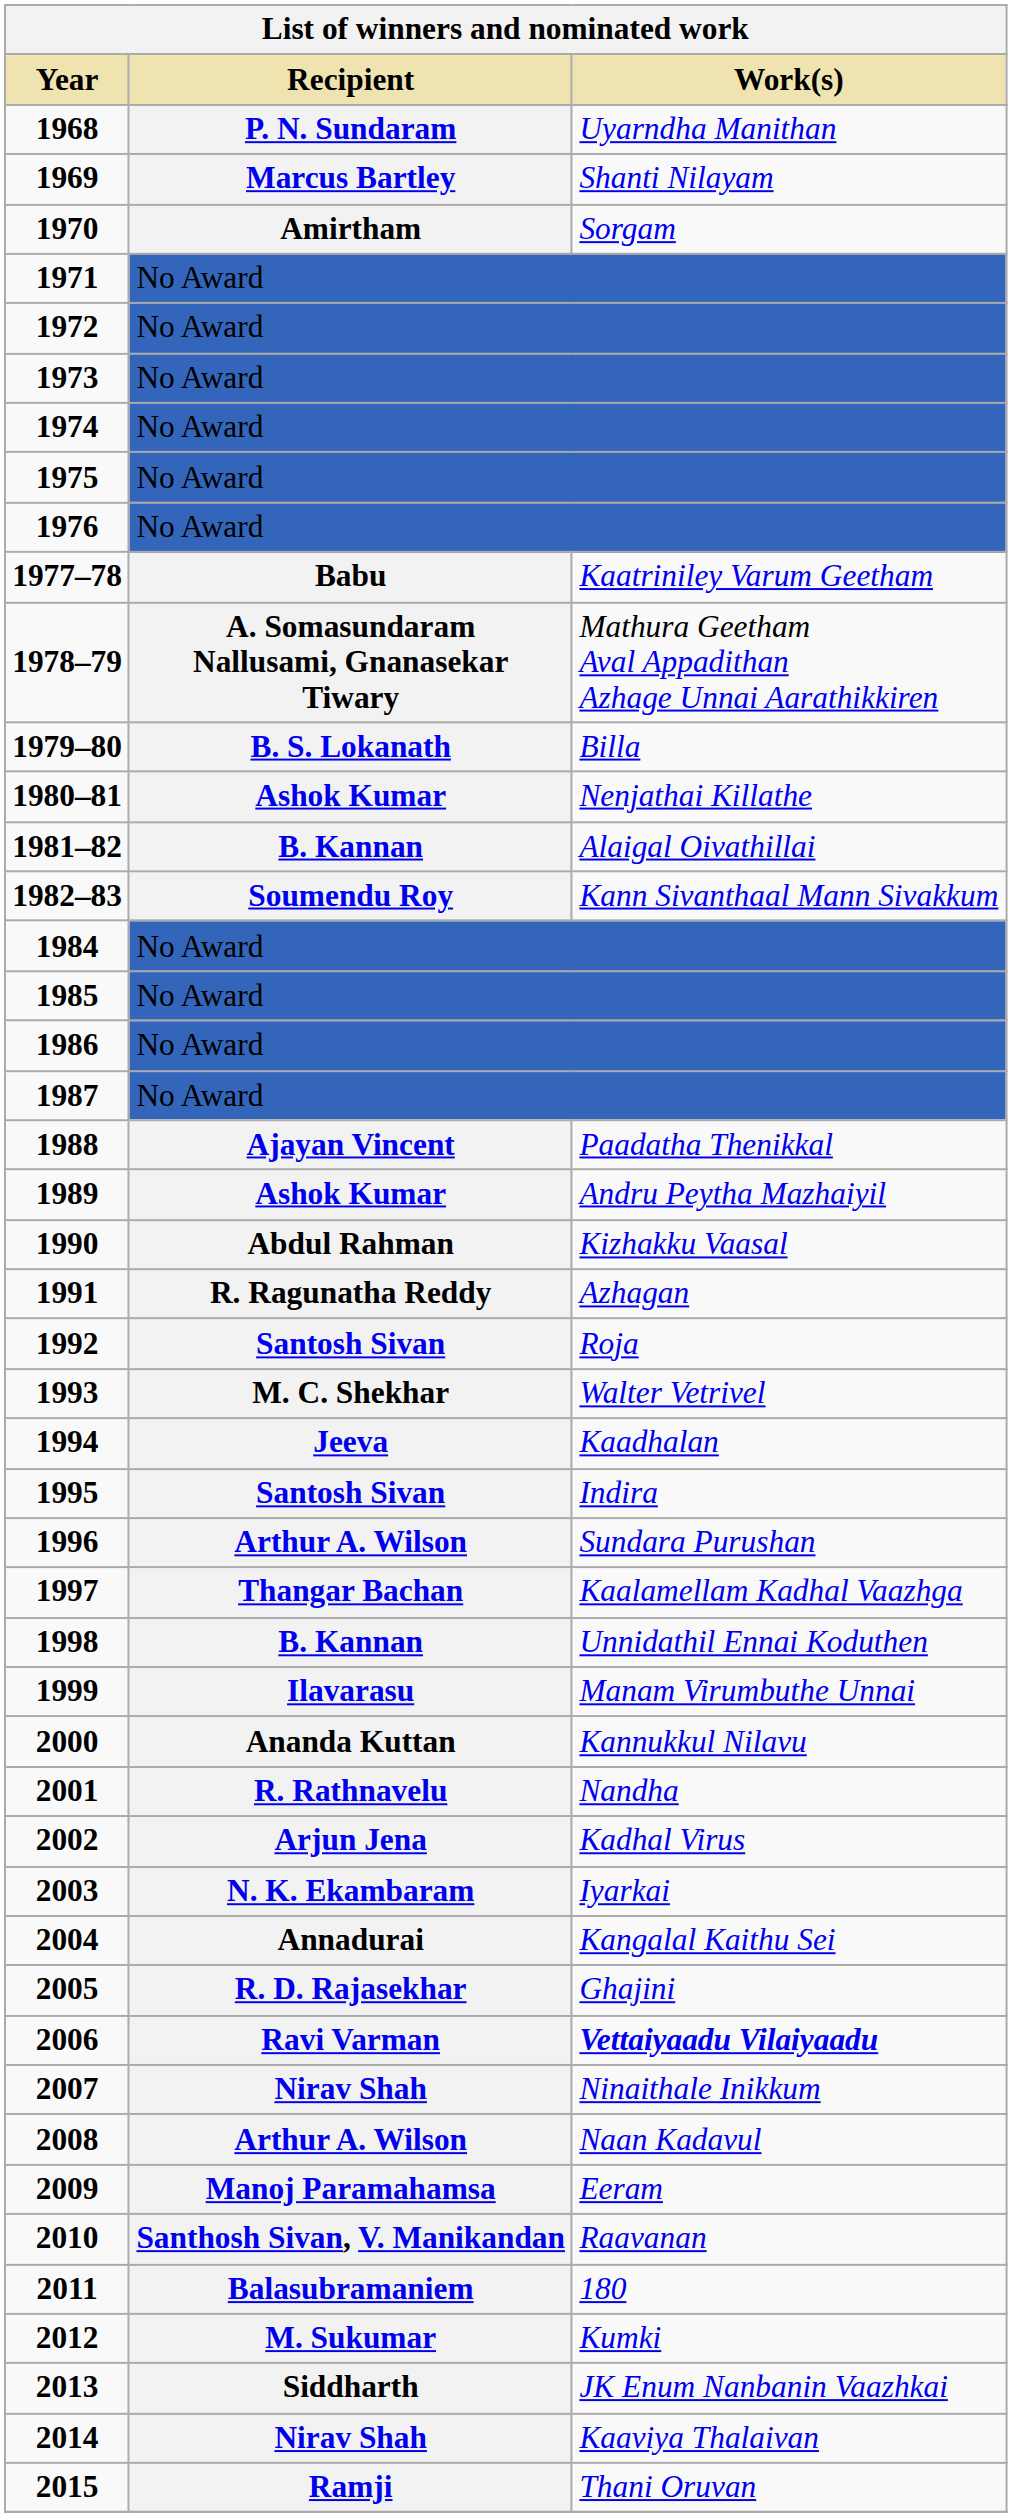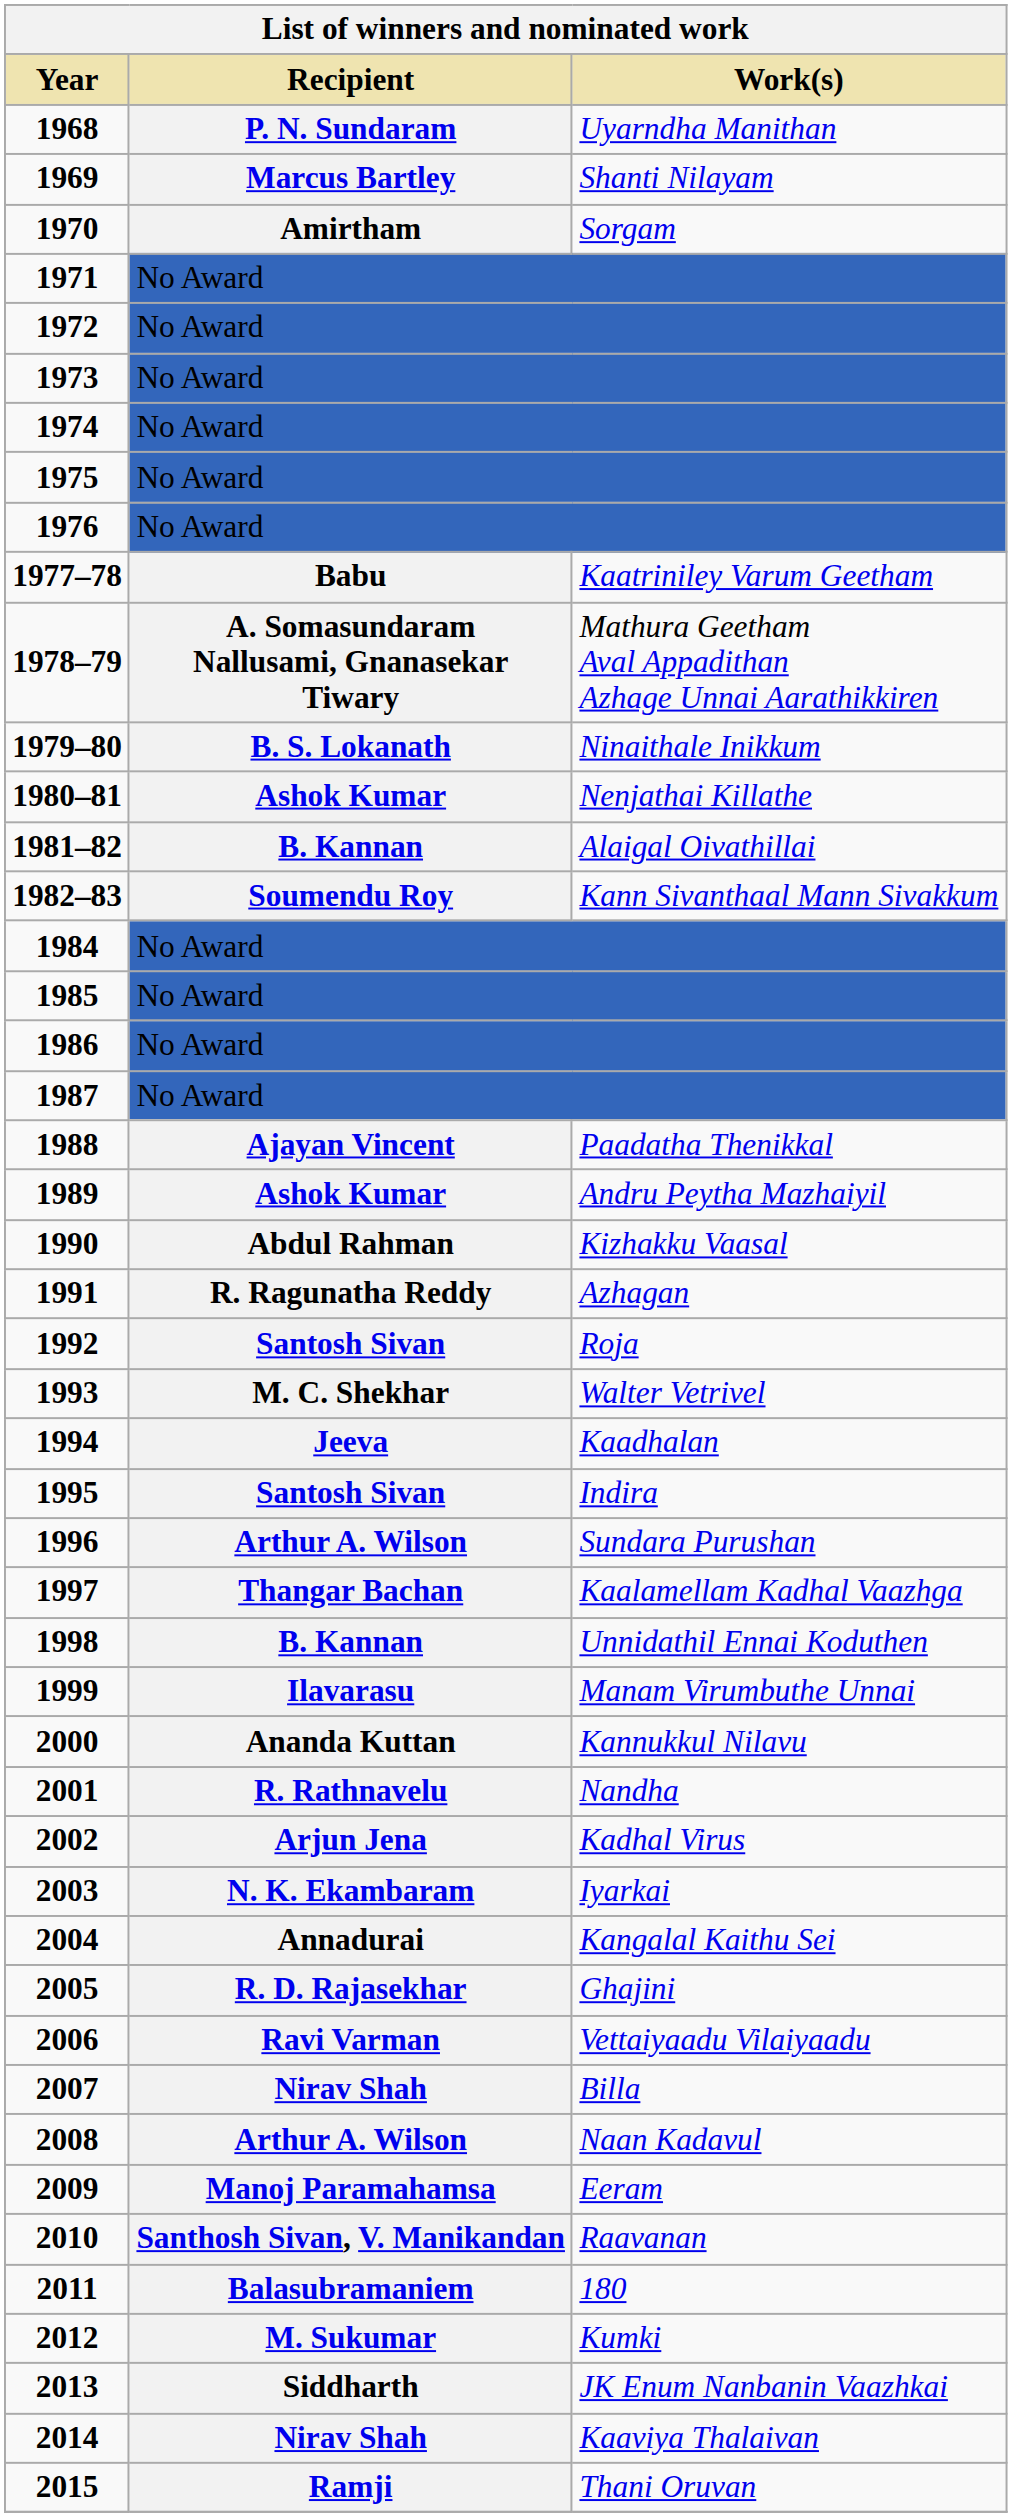 <table class="wikitable sortable plainrowheaders">
 <tr>
 <th colspan="5">List of winners and nominated work</th>
 </tr>
 <tr>
 <th scope="col" style="background:#efe4b0;">Year</th>
 <th scope="col" style="background:#efe4b0;">Recipient</th>
 <th scope="col" style="background:#efe4b0;">Work(s)</th>
 </tr>
 <tr>
 <td style="text-align:center;"><strong>1968</strong></td>
 <th scope="row"><a href='#'>P. N. Sundaram</a></th>
 <td><em><a href='#'>Uyarndha Manithan</a></em></td>
 </tr>
 <tr>
 <td style="text-align:center;"><strong>1969</strong></td>
 <th scope="row"><a href='#'>Marcus Bartley</a></th>
 <td><em><a href='#'>Shanti Nilayam</a></em></td>
 </tr>
 <tr>
 <td style="text-align:center;"><strong>1970</strong></td>
 <th scope="row">Amirtham</th>
 <td><em><a href='#'>Sorgam</a></em></td>
 </tr>
 <tr>
 <td style="text-align:center;"><strong>1971</strong></td>
 <td style="background:#36b; " colspan="2">No Award</td>
 </tr>
 <tr>
 <td style="text-align:center;"><strong>1972</strong></td>
 <td style="background:#36b; " colspan="2">No Award</td>
 </tr>
 <tr>
 <td style="text-align:center;"><strong>1973</strong></td>
 <td style="background:#36b; " colspan="2">No Award</td>
 </tr>
 <tr>
 <td style="text-align:center;"><strong>1974</strong></td>
 <td style="background:#36b; " colspan="2">No Award</td>
 </tr>
 <tr>
 <td style="text-align:center;"><strong>1975</strong></td>
 <td style="background:#36b; " colspan="2">No Award</td>
 </tr>
 <tr>
 <td style="text-align:center;"><strong>1976</strong></td>
 <td style="background:#36b; " colspan="2">No Award</td>
 </tr>
 <tr>
 <td style="text-align:center;"><strong>1977–78</strong></td>
 <th scope="row">Babu</th>
 <td><em><a href='#'>Kaatriniley Varum Geetham</a></em></td>
 </tr>
 <tr>
 <td style="text-align:center;"><strong>1978–79</strong></td>
 <th scope="row">A. Somasundaram<br>Nallusami, Gnanasekar<br>Tiwary</th>
 <td><em>Mathura Geetham</em><br><em><a href='#'>Aval Appadithan</a></em><br><em><a href='#'>Azhage Unnai Aarathikkiren</a></em></td>
 </tr>
 <tr>
 <td style="text-align:center;"><strong>1979–80</strong></td>
 <th scope="row"><a href='#'>B. S. Lokanath</a></th>
-<td><em><a href='#'>Billa</a></em></td>
+<td><em><a href='#'>Ninaithale Inikkum</a></em></td>
 </tr>
 <tr>
 <td style="text-align:center;"><strong>1980–81</strong></td>
 <th scope="row"><a href='#'>Ashok Kumar</a></th>
 <td><em><a href='#'>Nenjathai Killathe</a></em></td>
 </tr>
 <tr>
 <td style="text-align:center;"><strong>1981–82</strong></td>
 <th scope="row"><a href='#'>B. Kannan</a></th>
 <td><em><a href='#'>Alaigal Oivathillai</a></em></td>
 </tr>
 <tr>
 <td style="text-align:center;"><strong>1982–83</strong></td>
 <th scope="row"><a href='#'>Soumendu Roy</a></th>
 <td><em><a href='#'>Kann Sivanthaal Mann Sivakkum</a></em></td>
 </tr>
 <tr>
 <td style="text-align:center;"><strong>1984</strong></td>
 <td style="background:#36b; " colspan="2">No Award</td>
 </tr>
 <tr>
 <td style="text-align:center;"><strong>1985</strong></td>
 <td style="background:#36b; " colspan="2">No Award</td>
 </tr>
 <tr>
 <td style="text-align:center;"><strong>1986</strong></td>
 <td style="background:#36b; " colspan="2">No Award</td>
 </tr>
 <tr>
 <td style="text-align:center;"><strong>1987</strong></td>
 <td style="background:#36b; " colspan="2">No Award</td>
 </tr>
 <tr>
 <td style="text-align:center;"><strong>1988</strong></td>
 <th scope="row"><a href='#'>Ajayan Vincent</a></th>
 <td><em><a href='#'>Paadatha Thenikkal</a></em></td>
 </tr>
 <tr>
 <td style="text-align:center;"><strong>1989</strong></td>
 <th scope="row"><a href='#'>Ashok Kumar</a></th>
 <td><em><a href='#'>Andru Peytha Mazhaiyil</a></em></td>
 </tr>
 <tr>
 <td style="text-align:center;"><strong>1990</strong></td>
 <th scope="row">Abdul Rahman</th>
 <td><em><a href='#'>Kizhakku Vaasal</a></em></td>
 </tr>
 <tr>
 <td style="text-align:center;"><strong>1991</strong></td>
 <th scope="row">R. Ragunatha Reddy</th>
 <td><em><a href='#'>Azhagan</a></em></td>
 </tr>
 <tr>
 <td style="text-align:center;"><strong>1992</strong></td>
 <th scope="row"><a href='#'>Santosh Sivan</a></th>
 <td><em><a href='#'>Roja</a></em></td>
 </tr>
 <tr>
 <td style="text-align:center;"><strong>1993</strong></td>
 <th scope="row">M. C. Shekhar</th>
 <td><em><a href='#'>Walter Vetrivel</a></em></td>
 </tr>
 <tr>
 <td style="text-align:center;"><strong>1994</strong></td>
 <th scope="row"><a href='#'>Jeeva</a></th>
 <td><em><a href='#'>Kaadhalan</a></em></td>
 </tr>
 <tr>
 <td style="text-align:center;"><strong>1995</strong></td>
 <th scope="row"><a href='#'>Santosh Sivan</a></th>
 <td><em><a href='#'>Indira</a></em></td>
 </tr>
 <tr>
 <td style="text-align:center;"><strong>1996</strong></td>
 <th scope="row"><a href='#'>Arthur A. Wilson</a></th>
 <td><em><a href='#'>Sundara Purushan</a></em></td>
 </tr>
 <tr>
 <td style="text-align:center;"><strong>1997</strong></td>
 <th scope="row"><a href='#'>Thangar Bachan</a></th>
 <td><em><a href='#'>Kaalamellam Kadhal Vaazhga</a></em></td>
 </tr>
 <tr>
 <td style="text-align:center;"><strong>1998</strong></td>
 <th scope="row"><a href='#'>B. Kannan</a></th>
 <td><em><a href='#'>Unnidathil Ennai Koduthen</a></em></td>
 </tr>
 <tr>
 <td style="text-align:center;"><strong>1999</strong></td>
 <th scope="row"><a href='#'>Ilavarasu</a></th>
 <td><em><a href='#'>Manam Virumbuthe Unnai</a></em></td>
 </tr>
 <tr>
 <td style="text-align:center;"><strong>2000</strong></td>
 <th scope="row">Ananda Kuttan</th>
 <td><em><a href='#'>Kannukkul Nilavu</a></em></td>
 </tr>
 <tr>
 <td style="text-align:center;"><strong>2001</strong></td>
 <th scope="row"><a href='#'>R. Rathnavelu</a></th>
 <td><em><a href='#'>Nandha</a></em></td>
 </tr>
 <tr>
 <td style="text-align:center;"><strong>2002</strong></td>
 <th scope="row"><a href='#'>Arjun Jena</a></th>
 <td><em><a href='#'>Kadhal Virus</a></em></td>
 </tr>
 <tr>
 <td style="text-align:center;"><strong>2003</strong></td>
 <th scope="row"><a href='#'>N. K. Ekambaram</a></th>
 <td><em><a href='#'>Iyarkai</a></em></td>
 </tr>
 <tr>
 <td style="text-align:center;"><strong>2004</strong></td>
 <th scope="row">Annadurai</th>
 <td><em><a href='#'>Kangalal Kaithu Sei</a></em></td>
 </tr>
 <tr>
 <td style="text-align:center;"><strong>2005</strong></td>
 <th scope="row"><a href='#'>R. D. Rajasekhar</a></th>
 <td><em><a href='#'>Ghajini</a></em></td>
 </tr>
 <tr>
 <td style="text-align:center;"><strong>2006</strong></td>
 <th scope="row"><a href='#'>Ravi Varman</a></th>
-<td><strong><em><a href='#'>Vettaiyaadu Vilaiyaadu</a></em></strong></td>
+<td><em><a href='#'>Vettaiyaadu Vilaiyaadu</a></em></td>
 </tr>
 <tr>
 <td style="text-align:center;"><strong>2007</strong></td>
 <th scope="row"><a href='#'>Nirav Shah</a></th>
-<td><em><a href='#'>Ninaithale Inikkum</a></em></td>
+<td><em><a href='#'>Billa</a></em></td>
 </tr>
 <tr>
 <td style="text-align:center;"><strong>2008</strong></td>
 <th scope="row"><a href='#'>Arthur A. Wilson</a></th>
 <td><em><a href='#'>Naan Kadavul</a></em></td>
 </tr>
 <tr>
 <td style="text-align:center;"><strong>2009</strong></td>
 <th scope="row"><a href='#'>Manoj Paramahamsa</a></th>
 <td><em><a href='#'>Eeram</a></em></td>
 </tr>
 <tr>
 <td style="text-align:center;"><strong>2010</strong></td>
 <th scope="row"><a href='#'>Santhosh Sivan</a>, <a href='#'>V. Manikandan</a></th>
 <td><em><a href='#'>Raavanan</a></em></td>
 </tr>
 <tr>
 <td style="text-align:center;"><strong>2011</strong></td>
 <th scope="row"><a href='#'>Balasubramaniem</a></th>
 <td><em><a href='#'>180</a></em></td>
 </tr>
 <tr>
 <td style="text-align:center;"><strong>2012</strong></td>
 <th scope="row"><a href='#'>M. Sukumar</a></th>
 <td><em><a href='#'>Kumki</a></em></td>
 </tr>
 <tr>
 <td style="text-align:center;"><strong>2013</strong></td>
 <th scope="row">Siddharth</th>
 <td><em><a href='#'>JK Enum Nanbanin Vaazhkai</a></em></td>
 </tr>
 <tr>
 <td style="text-align:center;"><strong>2014</strong></td>
 <th scope="row"><a href='#'>Nirav Shah</a></th>
 <td><em><a href='#'>Kaaviya Thalaivan</a></em></td>
 </tr>
 <tr>
 <td style="text-align:center;"><strong>2015</strong></td>
 <th scope="row"><a href='#'>Ramji</a></th>
 <td><em><a href='#'>Thani Oruvan</a></em></td>
 </tr>
 <tr>
 </tr>
 </table>
